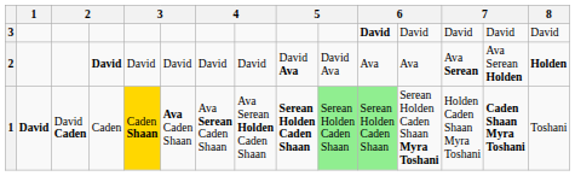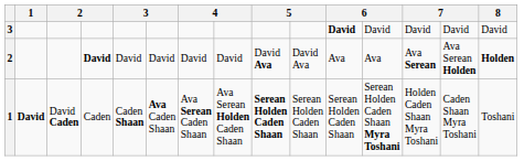 <table class="wikitable sortable">
 <tr>
 <th></th>
 <th class=unsortable>1</th>
 <th class=unsortable colspan="2">2</th>
 <th class=unsortable colspan="2">3</th>
 <th class=unsortable colspan="2">4</th>
 <th class=unsortable colspan="2">5</th>
 <th class=unsortable colspan="2">6</th>
 <th class=unsortable colspan="2">7</th>
 <th class=unsortable>8</th>
 </tr>
 <tr>
 <th>3</th>
 <td></td>
 <td></td>
 <td></td>
 <td></td>
 <td></td>
 <td></td>
 <td></td>
 <td></td>
 <td></td>
 <td><strong>David</strong></td>
 <td>David</td>
 <td>David</td>
 <td>David</td>
 <td>David</td>
 </tr>
 <tr>
 <th>2</th>
 <td></td>
 <td></td>
 <td><strong>David</strong></td>
 <td>David</td>
 <td>David</td>
 <td>David</td>
 <td>David</td>
 <td>David<br><strong>Ava</strong></td>
 <td>David<br>Ava</td>
 <td>Ava</td>
 <td>Ava</td>
 <td>Ava<br><strong>Serean</strong></td>
 <td>Ava<br>Serean<br><strong>Holden</strong></td>
 <td><strong>Holden</strong></td>
 </tr>
 <tr>
 <th>1</th>
 <td><strong>David</strong></td>
 <td>David<br><strong>Caden</strong></td>
 <td>Caden</td>
-<td style="background: gold;">Caden<br><strong>Shaan</strong></td>
+<td>Caden<br><strong>Shaan</strong></td>
 <td><strong>Ava</strong><br>Caden<br>Shaan</td>
 <td>Ava<br><strong>Serean</strong><br>Caden<br>Shaan</td>
 <td>Ava<br>Serean<br><strong>Holden</strong><br>Caden<br>Shaan</td>
 <td><strong>Serean<br>Holden<br>Caden<br>Shaan</strong></td>
-<td style="background: lightgreen;">Serean<br>Holden<br>Caden<br>Shaan</td>
-<td style="background: lightgreen;">Serean<br>Holden<br>Caden<br>Shaan</td>
+<td>Serean<br>Holden<br>Caden<br>Shaan</td>
+<td>Serean<br>Holden<br>Caden<br>Shaan</td>
 <td>Serean<br>Holden<br>Caden<br>Shaan<br><strong>Myra</strong><br><strong>Toshani</strong></td>
 <td>Holden<br>Caden<br>Shaan<br>Myra<br>Toshani</td>
-<td><strong>Caden<br>Shaan<br>Myra<br>Toshani</strong></td>
+<td>Caden<br>Shaan<br>Myra<br>Toshani</td>
 <td>Toshani</td>
 </tr>
 </table>
